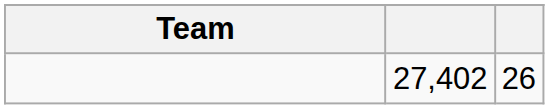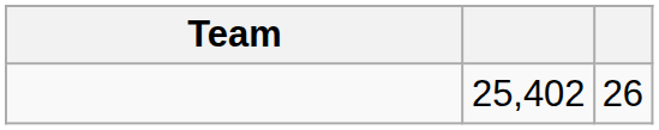 <table class="wikitable">
 <tr>
 </tr>
 <tr>
 <th width=190>Team</th>
 <th></th>
 <th></th>
 </tr>
 <tr>
 <td><strong></strong></td>
-<td align=right>27,402</td>
+<td align=right>25,402</td>
 <td align=center>26</td>
 </tr>
 </table>
